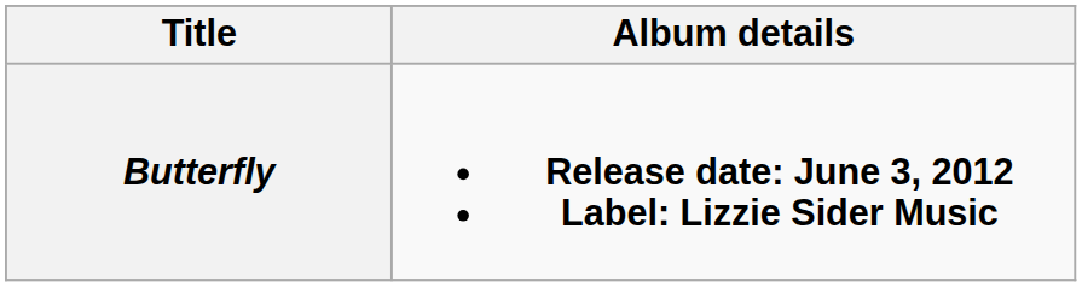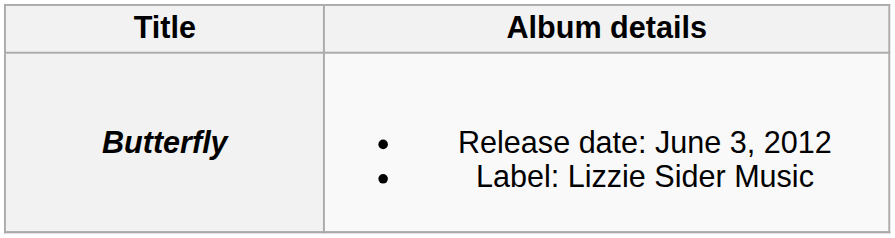 <table class="wikitable plainrowheaders" style="text-align:center;">
 <tr>
 <th style="width:10em;">Title</th>
 <th style="width:18em;">Album details</th>
 </tr>
 <tr>
 <th scope="row"><em>Butterfly</em></th>
-<td><strong><br><ul><li>Release date: June 3, 2012</li><li>Label: Lizzie Sider Music</li></ul></strong></td>
+<td><br><ul><li>Release date: June 3, 2012</li><li>Label: Lizzie Sider Music</li></ul></td>
 </tr>
 <tr>
 </tr>
 </table>
